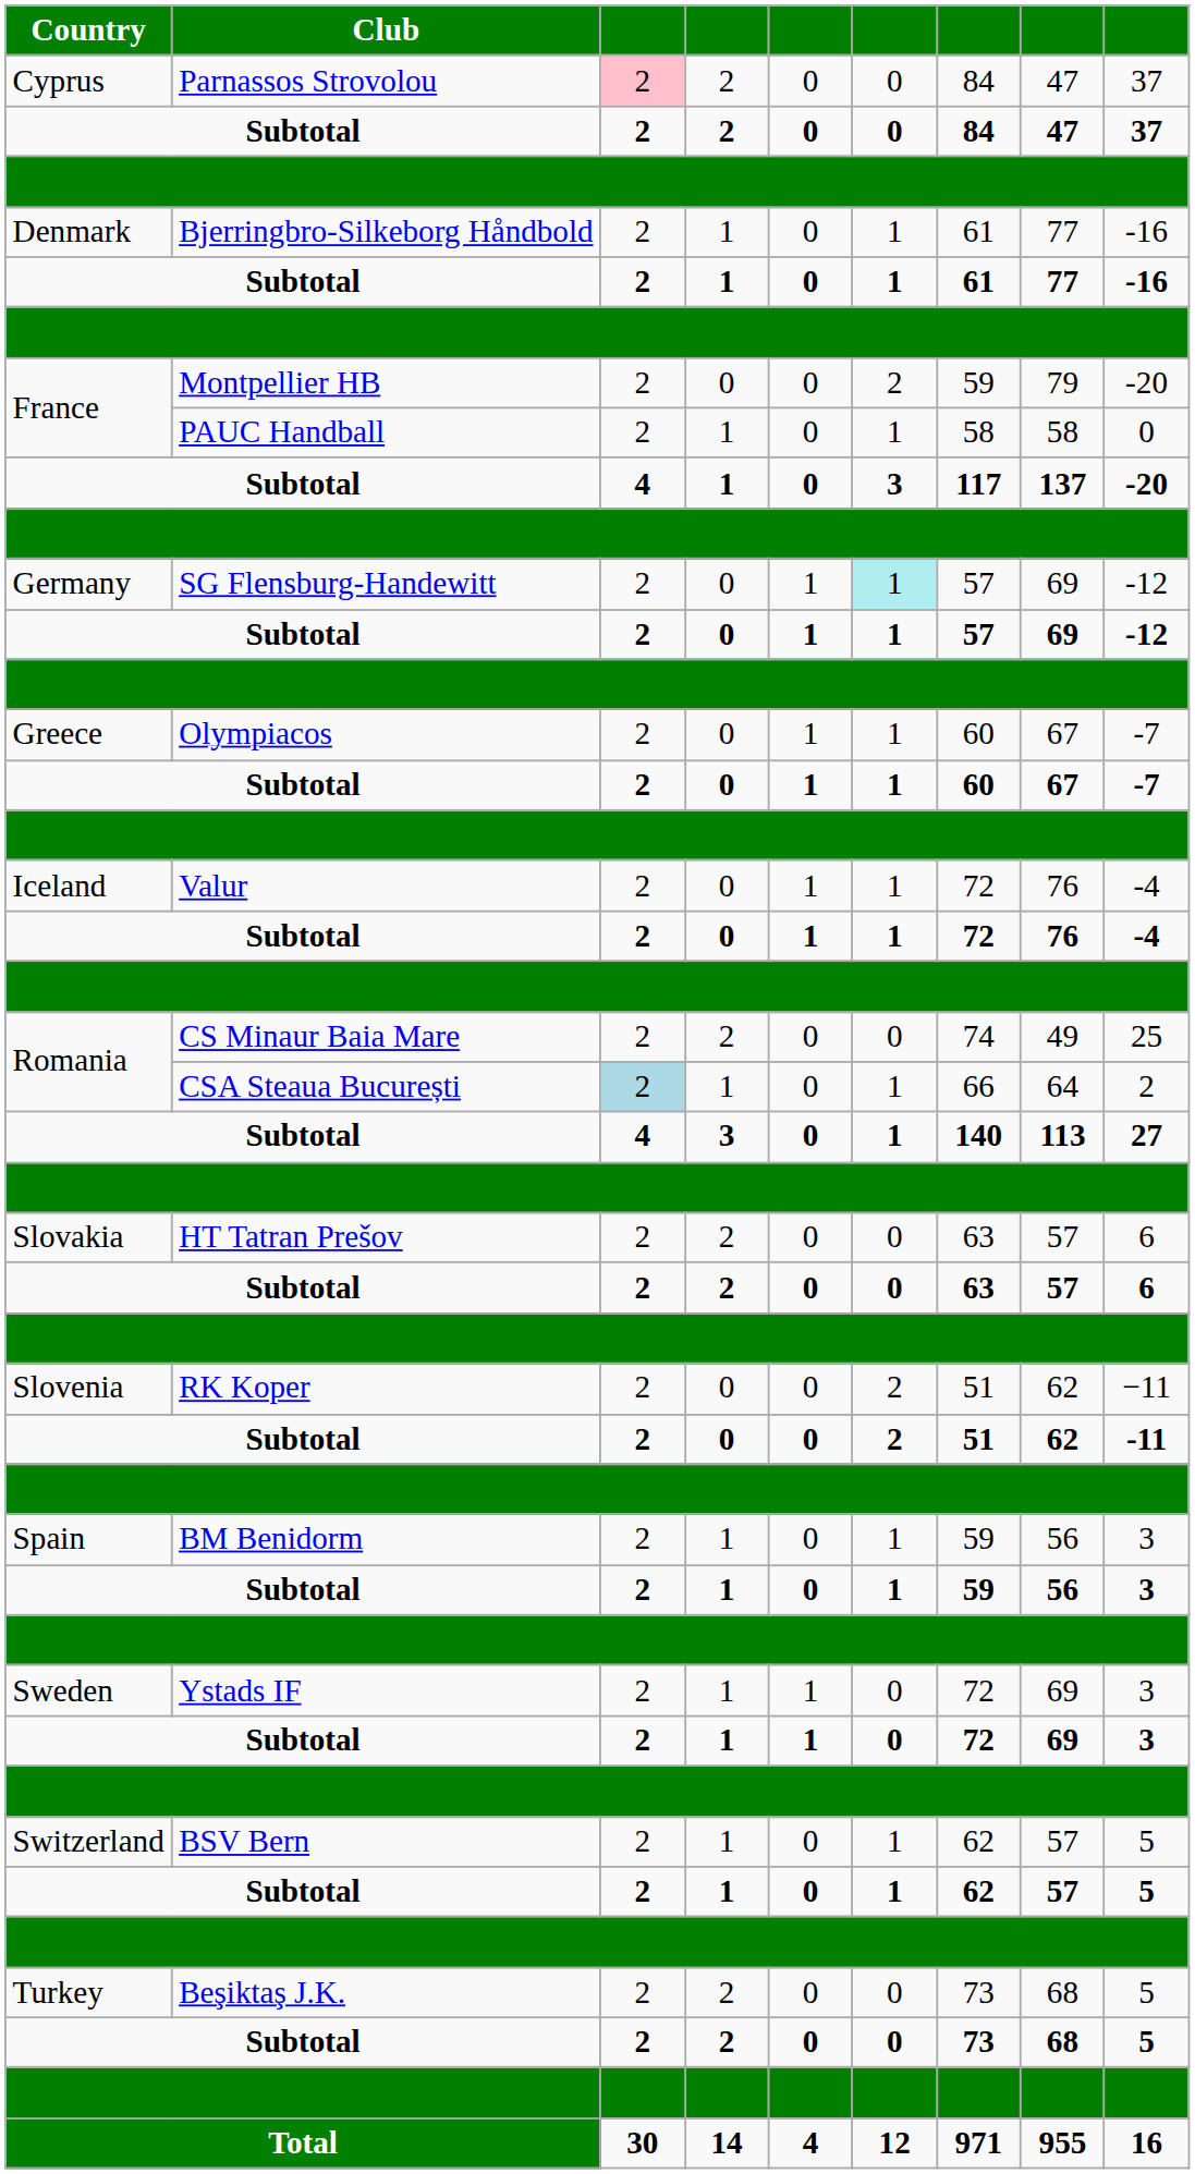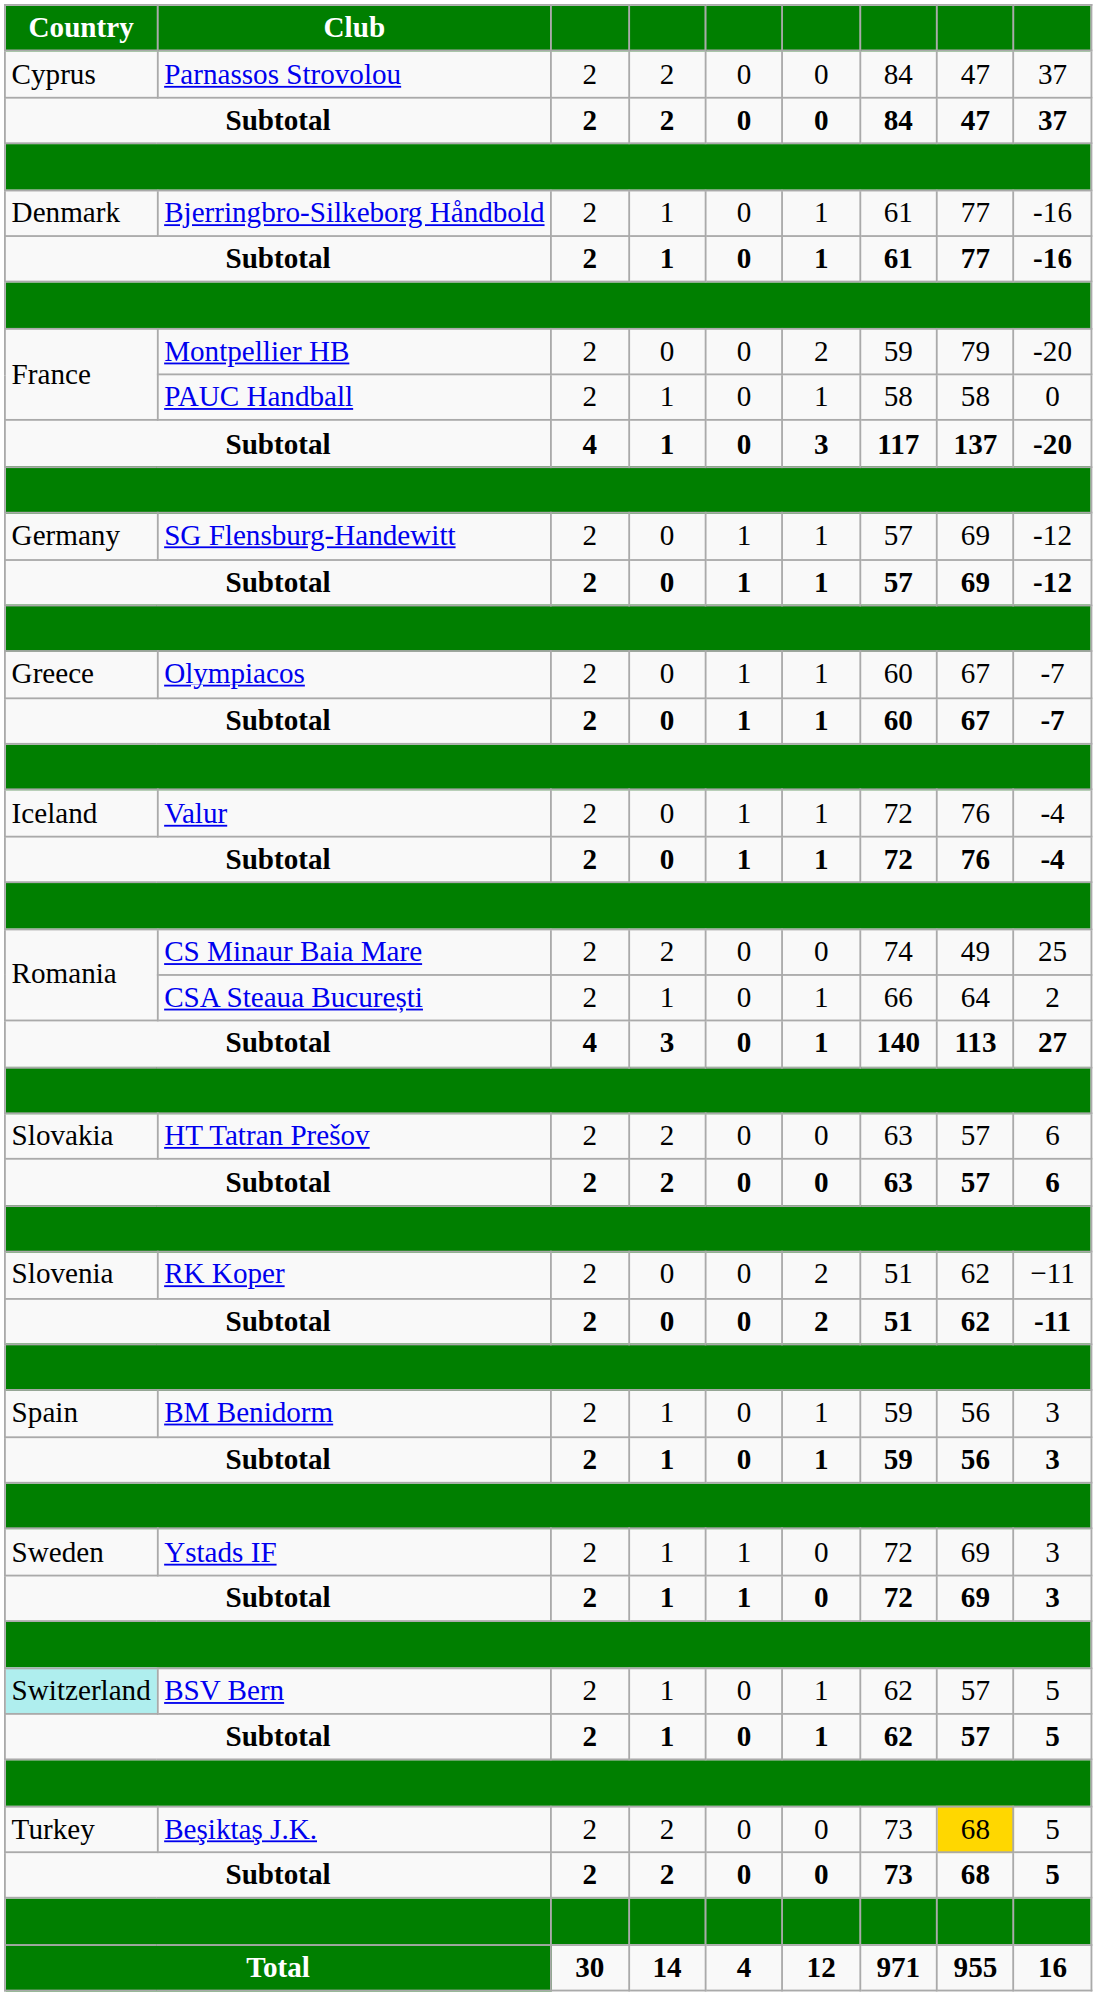 <table class="wikitable collapsible collapsed" style="text-align: center;">
 <tr>
 <th scope="col" style="color:#FFFFFF; background:#007F00">Country</th>
 <th scope="col" style="color:#FFFFFF; background:#007F00">Club</th>
 <th scope="col" width="35" style="color:#FFFFFF; background:#007F00"></th>
 <th scope="col" width="35" style="color:#FFFFFF; background:#007F00"></th>
 <th scope="col" width="35" style="color:#FFFFFF; background:#007F00"></th>
 <th scope="col" width="35" style="color:#FFFFFF; background:#007F00"></th>
 <th scope="col" width="35" style="color:#FFFFFF; background:#007F00"></th>
 <th scope="col" width="35" style="color:#FFFFFF; background:#007F00"></th>
 <th scope="col" width="35" style="color:#FFFFFF; background:#007F00"></th>
 </tr>
 <tr>
 <td align=left> Cyprus</td>
 <td align=left><a href='#'>Parnassos Strovolou</a></td>
-<td style="background: pink;">2</td>
+<td>2</td>
 <td>2</td>
 <td>0</td>
 <td>0</td>
 <td>84</td>
 <td>47</td>
 <td>37</td>
 </tr>
 <tr>
 <td scope="col" colspan=2 align-"center"><strong>Subtotal</strong></td>
 <td><strong>2</strong></td>
 <td><strong>2</strong></td>
 <td><strong>0</strong></td>
 <td><strong>0</strong></td>
 <td><strong>84</strong></td>
 <td><strong>47</strong></td>
 <td><strong>37</strong></td>
 </tr>
 <tr>
 <th scope="col" colspan=9 height="18" style="background:#007F00"></th>
 </tr>
 <tr>
 <td align=left> Denmark</td>
 <td align=left><a href='#'>Bjerringbro-Silkeborg Håndbold</a></td>
 <td>2</td>
 <td>1</td>
 <td>0</td>
 <td>1</td>
 <td>61</td>
 <td>77</td>
 <td>-16</td>
 </tr>
 <tr>
 <td scope="col" colspan=2 align-"center"><strong>Subtotal</strong></td>
 <td><strong>2</strong></td>
 <td><strong>1</strong></td>
 <td><strong>0</strong></td>
 <td><strong>1</strong></td>
 <td><strong>61</strong></td>
 <td><strong>77</strong></td>
 <td><strong>-16</strong></td>
 </tr>
 <tr>
 <th scope="col" colspan=9 height="18" style="background:#007F00"></th>
 </tr>
 <tr>
 <td rowspan=2 align=left> France</td>
 <td align=left><a href='#'>Montpellier HB</a></td>
 <td>2</td>
 <td>0</td>
 <td>0</td>
 <td>2</td>
 <td>59</td>
 <td>79</td>
 <td>-20</td>
 </tr>
 <tr>
 <td align=left><a href='#'>PAUC Handball</a></td>
 <td>2</td>
 <td>1</td>
 <td>0</td>
 <td>1</td>
 <td>58</td>
 <td>58</td>
 <td>0</td>
 </tr>
 <tr>
 <td scope="col" colspan=2 align-"center"><strong>Subtotal</strong></td>
 <td><strong>4</strong></td>
 <td><strong>1</strong></td>
 <td><strong>0</strong></td>
 <td><strong>3</strong></td>
 <td><strong>117</strong></td>
 <td><strong>137</strong></td>
 <td><strong>-20</strong></td>
 </tr>
 <tr>
 <th scope="col" colspan=9 height="18" style="background:#007F00"></th>
 </tr>
 <tr>
 <td align=left> Germany</td>
 <td align=left><a href='#'>SG Flensburg-Handewitt</a></td>
 <td>2</td>
 <td>0</td>
 <td>1</td>
-<td style="background: paleturquoise;">1</td>
+<td>1</td>
 <td>57</td>
 <td>69</td>
 <td>-12</td>
 </tr>
 <tr>
 <td scope="col" colspan=2 align-"center"><strong>Subtotal</strong></td>
 <td><strong>2</strong></td>
 <td><strong>0</strong></td>
 <td><strong>1</strong></td>
 <td><strong>1</strong></td>
 <td><strong>57</strong></td>
 <td><strong>69</strong></td>
 <td><strong>-12</strong></td>
 </tr>
 <tr>
 <th scope="col" colspan=9 height="18" style="background:#007F00"></th>
 </tr>
 <tr>
 <td align=left> Greece</td>
 <td align=left><a href='#'>Olympiacos</a></td>
 <td>2</td>
 <td>0</td>
 <td>1</td>
 <td>1</td>
 <td>60</td>
 <td>67</td>
 <td>-7</td>
 </tr>
 <tr>
 <td scope="col" colspan=2 align-"center"><strong>Subtotal</strong></td>
 <td><strong>2</strong></td>
 <td><strong>0</strong></td>
 <td><strong>1</strong></td>
 <td><strong>1</strong></td>
 <td><strong>60</strong></td>
 <td><strong>67</strong></td>
 <td><strong>-7</strong></td>
 </tr>
 <tr>
 <th scope="col" colspan=9 height="18" style="background:#007F00"></th>
 </tr>
 <tr>
 <td align=left> Iceland</td>
 <td align=left><a href='#'>Valur</a></td>
 <td>2</td>
 <td>0</td>
 <td>1</td>
 <td>1</td>
 <td>72</td>
 <td>76</td>
 <td>-4</td>
 </tr>
 <tr>
 <td scope="col" colspan=2 align-"center"><strong>Subtotal</strong></td>
 <td><strong>2</strong></td>
 <td><strong>0</strong></td>
 <td><strong>1</strong></td>
 <td><strong>1</strong></td>
 <td><strong>72</strong></td>
 <td><strong>76</strong></td>
 <td><strong>-4</strong></td>
 </tr>
 <tr>
 <th scope="col" colspan=9 height="18" style="background:#007F00"></th>
 </tr>
 <tr>
 <td rowspan=2 align=left> Romania</td>
 <td align=left><a href='#'>CS Minaur Baia Mare</a></td>
 <td>2</td>
 <td>2</td>
 <td>0</td>
 <td>0</td>
 <td>74</td>
 <td>49</td>
 <td>25</td>
 </tr>
 <tr>
 <td align=left><a href='#'>CSA Steaua București</a></td>
-<td style="background: lightblue;">2</td>
+<td>2</td>
 <td>1</td>
 <td>0</td>
 <td>1</td>
 <td>66</td>
 <td>64</td>
 <td>2</td>
 </tr>
 <tr>
 <td scope="col" colspan=2 align-"center"><strong>Subtotal</strong></td>
 <td><strong>4</strong></td>
 <td><strong>3</strong></td>
 <td><strong>0</strong></td>
 <td><strong>1</strong></td>
 <td><strong>140</strong></td>
 <td><strong>113</strong></td>
 <td><strong>27</strong></td>
 </tr>
 <tr>
 <th scope="col" colspan=9 height="18" style="background:#007F00"></th>
 </tr>
 <tr>
 <td align=left> Slovakia</td>
 <td align=left><a href='#'>HT Tatran Prešov</a></td>
 <td>2</td>
 <td>2</td>
 <td>0</td>
 <td>0</td>
 <td>63</td>
 <td>57</td>
 <td>6</td>
 </tr>
 <tr>
 <td scope="col" colspan=2 align-"center"><strong>Subtotal</strong></td>
 <td><strong>2</strong></td>
 <td><strong>2</strong></td>
 <td><strong>0</strong></td>
 <td><strong>0</strong></td>
 <td><strong>63</strong></td>
 <td><strong>57</strong></td>
 <td><strong>6</strong></td>
 </tr>
 <tr>
 <th scope="col" colspan=9 height="18" style="background:#007F00"></th>
 </tr>
 <tr>
 <td align=left> Slovenia</td>
 <td align=left><a href='#'>RK Koper</a></td>
 <td>2</td>
 <td>0</td>
 <td>0</td>
 <td>2</td>
 <td>51</td>
 <td>62</td>
 <td>−11</td>
 </tr>
 <tr>
 <td scope="col" colspan=2 align-"center"><strong>Subtotal</strong></td>
 <td><strong>2</strong></td>
 <td><strong>0</strong></td>
 <td><strong>0</strong></td>
 <td><strong>2</strong></td>
 <td><strong>51</strong></td>
 <td><strong>62</strong></td>
 <td><strong>-11</strong></td>
 </tr>
 <tr>
 <th scope="col" colspan=9 height="18" style="background:#007F00"></th>
 </tr>
 <tr>
 <td align=left> Spain</td>
 <td align=left><a href='#'>BM Benidorm</a></td>
 <td>2</td>
 <td>1</td>
 <td>0</td>
 <td>1</td>
 <td>59</td>
 <td>56</td>
 <td>3</td>
 </tr>
 <tr>
 <td scope="col" colspan=2 align-"center"><strong>Subtotal</strong></td>
 <td><strong>2</strong></td>
 <td><strong>1</strong></td>
 <td><strong>0</strong></td>
 <td><strong>1</strong></td>
 <td><strong>59</strong></td>
 <td><strong>56</strong></td>
 <td><strong>3</strong></td>
 </tr>
 <tr>
 <th scope="col" colspan=9 height="18" style="background:#007F00"></th>
 </tr>
 <tr>
 <td align=left> Sweden</td>
 <td align=left><a href='#'>Ystads IF</a></td>
 <td>2</td>
 <td>1</td>
 <td>1</td>
 <td>0</td>
 <td>72</td>
 <td>69</td>
 <td>3</td>
 </tr>
 <tr>
 <td scope="col" colspan=2 align-"center"><strong>Subtotal</strong></td>
 <td><strong>2</strong></td>
 <td><strong>1</strong></td>
 <td><strong>1</strong></td>
 <td><strong>0</strong></td>
 <td><strong>72</strong></td>
 <td><strong>69</strong></td>
 <td><strong>3</strong></td>
 </tr>
 <tr>
 <th scope="col" colspan=9 height="18" style="background:#007F00"></th>
 </tr>
 <tr>
-<td align=left> Switzerland</td>
+<td align=left style="background: paleturquoise;"> Switzerland</td>
 <td align=left><a href='#'>BSV Bern</a></td>
 <td>2</td>
 <td>1</td>
 <td>0</td>
 <td>1</td>
 <td>62</td>
 <td>57</td>
 <td>5</td>
 </tr>
 <tr>
 <td scope="col" colspan=2 align-"center"><strong>Subtotal</strong></td>
 <td><strong>2</strong></td>
 <td><strong>1</strong></td>
 <td><strong>0</strong></td>
 <td><strong>1</strong></td>
 <td><strong>62</strong></td>
 <td><strong>57</strong></td>
 <td><strong>5</strong></td>
 </tr>
 <tr>
 <th scope="col" colspan=9 height="18" style="background:#007F00"></th>
 </tr>
 <tr>
 <td align=left> Turkey</td>
 <td align=left><a href='#'>Beşiktaş J.K.</a></td>
 <td>2</td>
 <td>2</td>
 <td>0</td>
 <td>0</td>
 <td>73</td>
-<td>68</td>
+<td style="background: gold;">68</td>
 <td>5</td>
 </tr>
 <tr>
 <td scope="col" colspan=2 align-"center"><strong>Subtotal</strong></td>
 <td><strong>2</strong></td>
 <td><strong>2</strong></td>
 <td><strong>0</strong></td>
 <td><strong>0</strong></td>
 <td><strong>73</strong></td>
 <td><strong>68</strong></td>
 <td><strong>5</strong></td>
 </tr>
 <tr>
 <th scope="col" colspan=2 height="18" style="color:#FFFFFF; background:#007F00"></th>
 <th scope="col" width="35" style="color:#FFFFFF; background:#007F00"></th>
 <th scope="col" width="35" style="color:#FFFFFF; background:#007F00"></th>
 <th scope="col" width="35" style="color:#FFFFFF; background:#007F00"></th>
 <th scope="col" width="35" style="color:#FFFFFF; background:#007F00"></th>
 <th scope="col" width="35" style="color:#FFFFFF; background:#007F00"></th>
 <th scope="col" width="35" style="color:#FFFFFF; background:#007F00"></th>
 <th scope="col" width="35" style="color:#FFFFFF; background:#007F00"></th>
 </tr>
 <tr>
 <td colspan=2 align-"center" style="color:#FFFFFF; background:#007F00"><strong>Total</strong></td>
 <td><strong>30</strong></td>
 <td><strong>14</strong></td>
 <td><strong>4</strong></td>
 <td><strong>12</strong></td>
 <td><strong>971</strong></td>
 <td><strong>955</strong></td>
 <td><strong>16</strong></td>
 </tr>
 </table>
